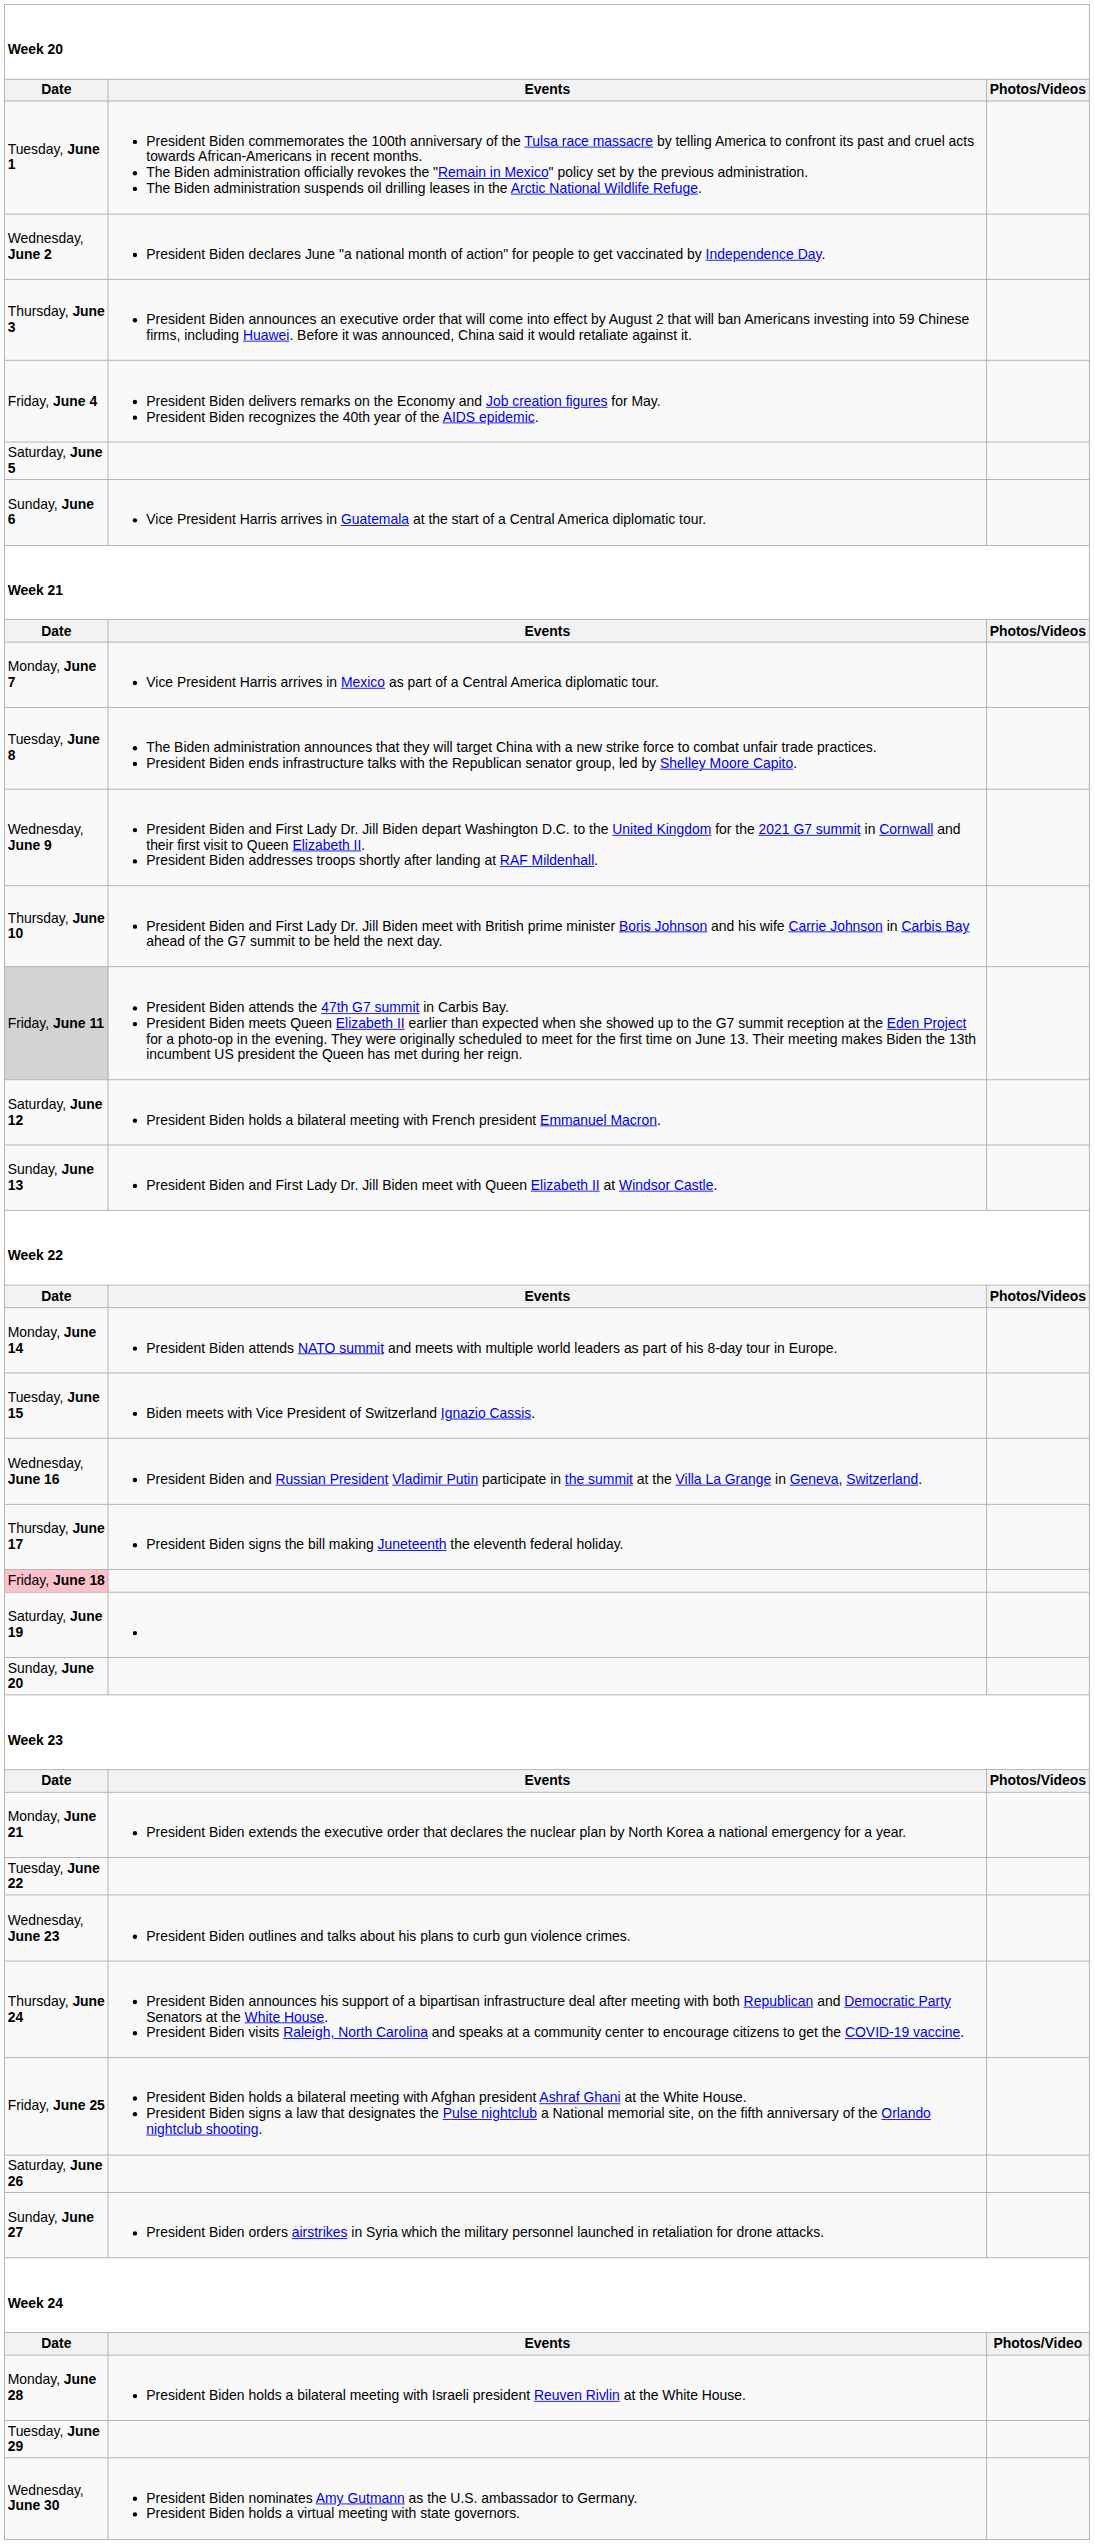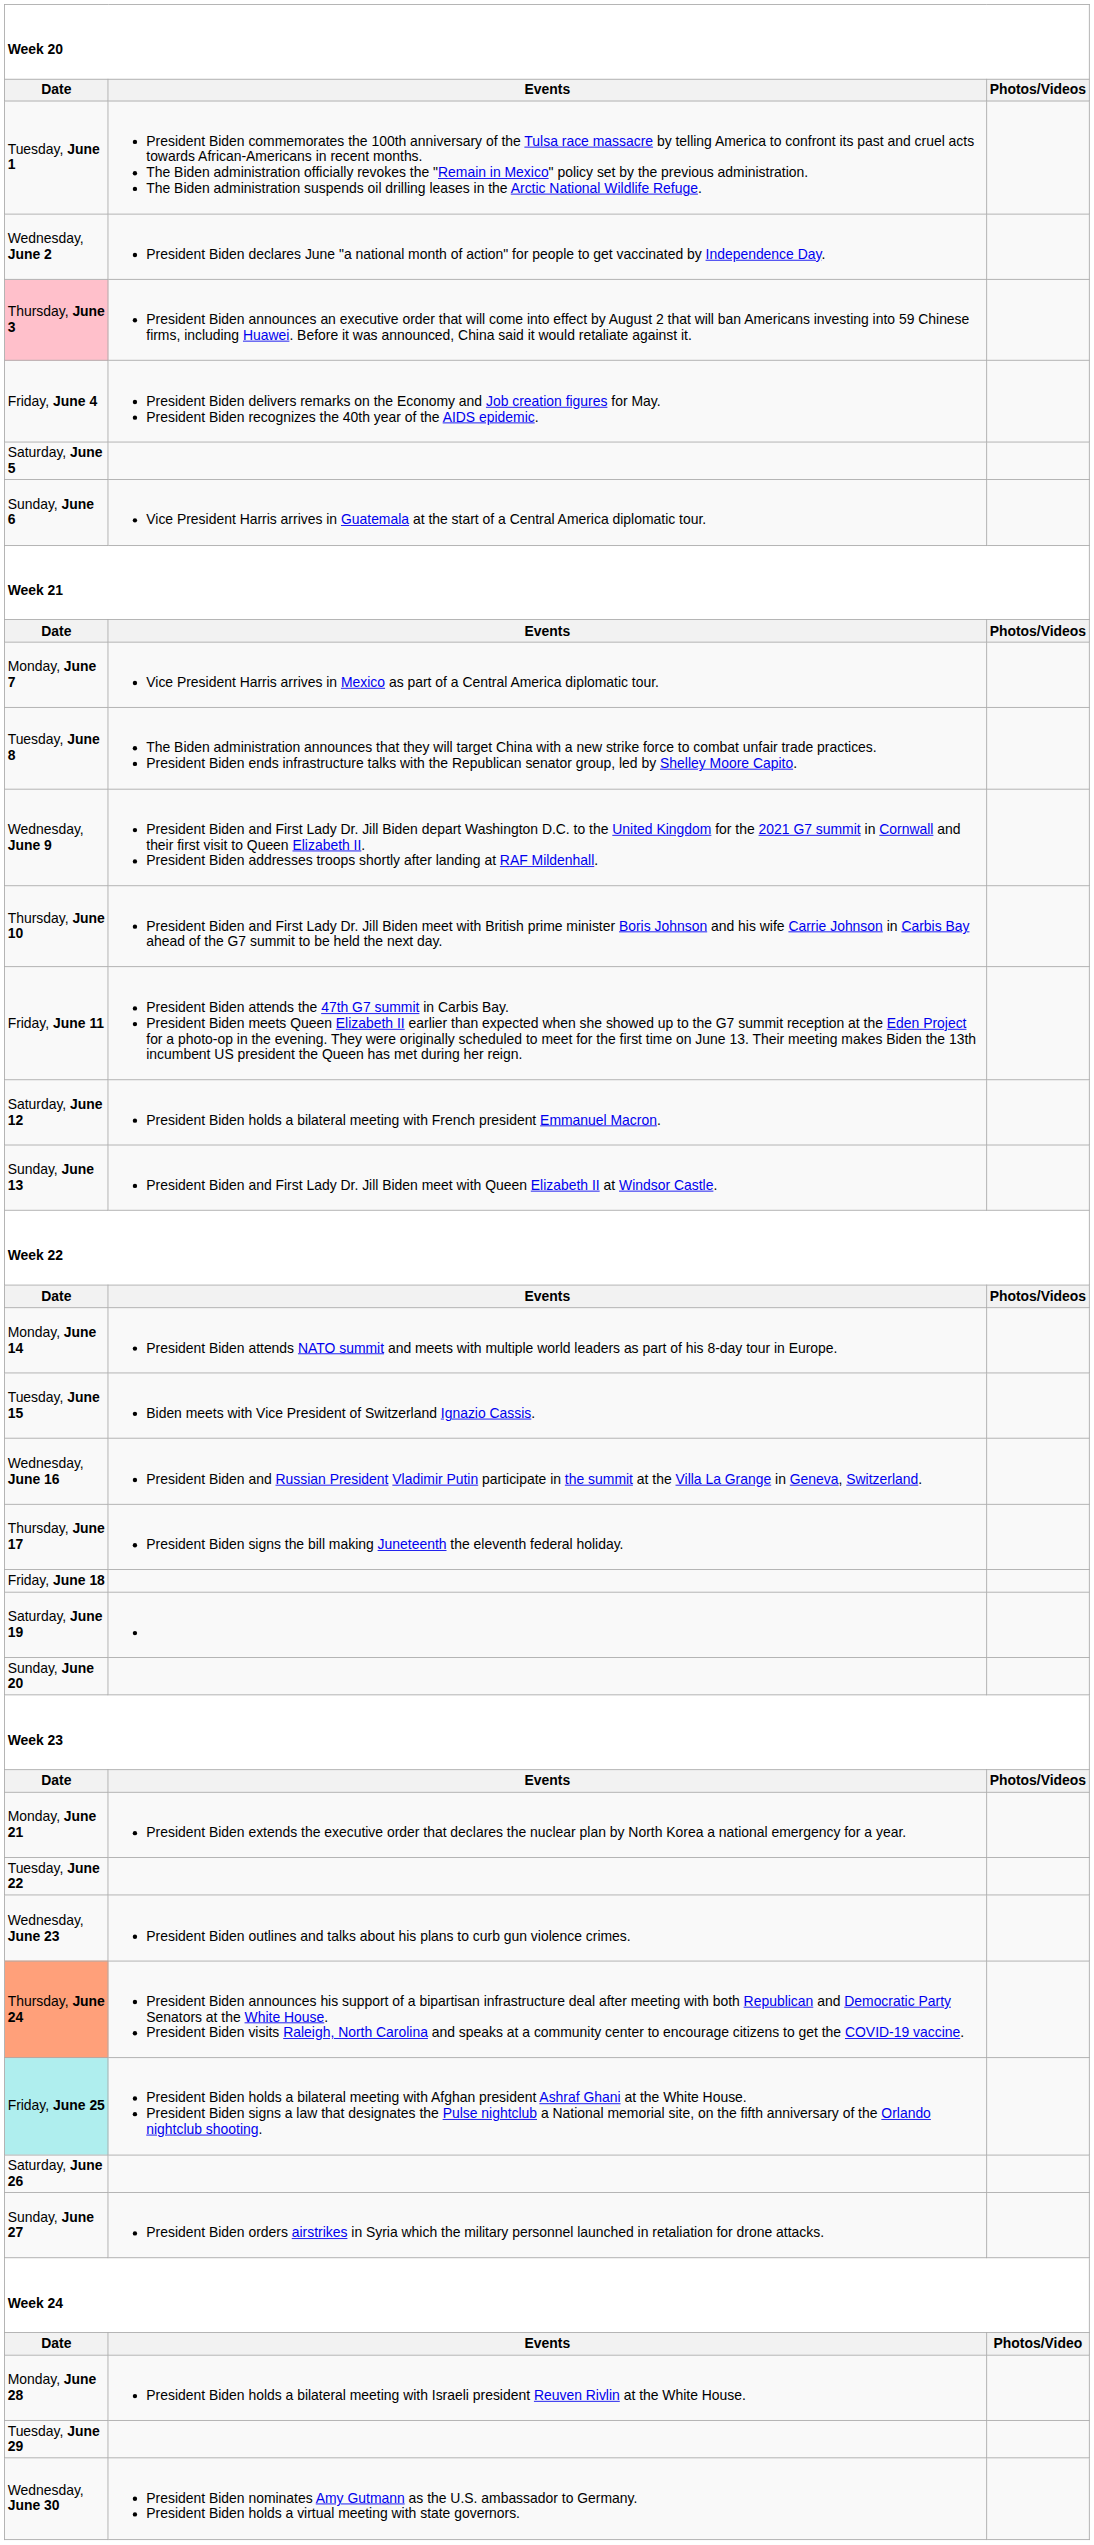 <table class="wikitable">
 <tr style="background:white;">
 <td colspan="3"><br><h4>Week 20</h4></td>
 </tr>
 <tr>
 <th>Date</th>
 <th>Events</th>
 <th>Photos/Videos</th>
 </tr>
 <tr>
 <td>Tuesday, <strong>June 1</strong></td>
 <td><br><ul><li>President Biden commemorates the 100th anniversary of the <a href='#'>Tulsa race massacre</a> by telling America to confront its past and cruel acts towards African-Americans in recent months.</li><li>The Biden administration officially revokes the "<a href='#'>Remain in Mexico</a>" policy set by the previous administration.</li><li>The Biden administration suspends oil drilling leases in the <a href='#'>Arctic National Wildlife Refuge</a>.</li></ul></td>
 <td></td>
 </tr>
 <tr>
 <td>Wednesday, <strong>June 2</strong></td>
 <td><br><ul><li>President Biden declares June "a national month of action" for people to get vaccinated by <a href='#'>Independence Day</a>.</li></ul></td>
 <td></td>
 </tr>
 <tr>
-<td>Thursday, <strong>June 3</strong></td>
+<td style="background: pink;">Thursday, <strong>June 3</strong></td>
 <td><br><ul><li>President Biden announces an executive order that will come into effect by August 2 that will ban Americans investing into 59 Chinese firms, including <a href='#'>Huawei</a>. Before it was announced, China said it would retaliate against it.</li></ul></td>
 <td></td>
 </tr>
 <tr>
 <td>Friday, <strong>June 4</strong></td>
 <td><br><ul><li>President Biden delivers remarks on the Economy and <a href='#'>Job creation figures</a> for May.</li><li>President Biden recognizes the 40th year of the <a href='#'>AIDS epidemic</a>.</li></ul></td>
 <td></td>
 </tr>
 <tr>
 <td>Saturday, <strong>June 5</strong></td>
 <td></td>
 <td></td>
 </tr>
 <tr>
 <td>Sunday, <strong>June 6</strong></td>
 <td><br><ul><li>Vice President Harris arrives in <a href='#'>Guatemala</a> at the start of a Central America diplomatic tour.</li></ul></td>
 <td></td>
 </tr>
 <tr style="background:white;">
 <td colspan=3><br><h4>Week 21</h4></td>
 </tr>
 <tr>
 <th>Date</th>
 <th>Events</th>
 <th>Photos/Videos</th>
 </tr>
 <tr>
 <td>Monday, <strong>June 7</strong></td>
 <td><br><ul><li>Vice President Harris arrives in <a href='#'>Mexico</a> as part of a Central America diplomatic tour.</li></ul></td>
 <td></td>
 </tr>
 <tr>
 <td>Tuesday, <strong>June 8</strong></td>
 <td><br><ul><li>The Biden administration announces that they will target China with a new strike force to combat unfair trade practices.</li><li>President Biden ends infrastructure talks with the Republican senator group, led by <a href='#'>Shelley Moore Capito</a>.</li></ul></td>
 <td></td>
 </tr>
 <tr>
 <td>Wednesday, <strong>June 9</strong></td>
 <td><br><ul><li>President Biden and First Lady Dr. Jill Biden depart Washington D.C. to the <a href='#'>United Kingdom</a> for the <a href='#'>2021 G7 summit</a> in <a href='#'>Cornwall</a> and their first visit to Queen <a href='#'>Elizabeth II</a>.</li><li>President Biden addresses troops shortly after landing at <a href='#'>RAF Mildenhall</a>.</li></ul></td>
 <td></td>
 </tr>
 <tr>
 <td>Thursday, <strong>June 10</strong></td>
 <td><br><ul><li>President Biden and First Lady Dr. Jill Biden meet with British prime minister <a href='#'>Boris Johnson</a> and his wife <a href='#'>Carrie Johnson</a> in <a href='#'>Carbis Bay</a> ahead of the G7 summit to be held the next day.</li></ul></td>
 <td></td>
 </tr>
 <tr>
-<td style="background: lightgrey;">Friday, <strong>June 11</strong></td>
+<td>Friday, <strong>June 11</strong></td>
 <td><br><ul><li>President Biden attends the <a href='#'>47th G7 summit</a> in Carbis Bay.</li><li>President Biden meets Queen <a href='#'>Elizabeth II</a> earlier than expected when she showed up to the G7 summit reception at the <a href='#'>Eden Project</a> for a photo-op in the evening. They were originally scheduled to meet for the first time on June 13. Their meeting makes Biden the 13th incumbent US president the Queen has met during her reign.</li></ul></td>
 <td><br></td>
 </tr>
 <tr>
 <td>Saturday, <strong>June 12</strong></td>
 <td><br><ul><li>President Biden holds a bilateral meeting with French president <a href='#'>Emmanuel Macron</a>.</li></ul></td>
 <td></td>
 </tr>
 <tr>
 <td>Sunday, <strong>June 13</strong></td>
 <td><br><ul><li>President Biden and First Lady Dr. Jill Biden meet with Queen <a href='#'>Elizabeth II</a> at <a href='#'>Windsor Castle</a>.</li></ul></td>
 <td></td>
 </tr>
 <tr style="background:white;">
 <td colspan=3><br><h4>Week 22</h4></td>
 </tr>
 <tr>
 <th>Date</th>
 <th>Events</th>
 <th>Photos/Videos</th>
 </tr>
 <tr>
 <td>Monday, <strong>June 14</strong></td>
 <td><br><ul><li>President Biden attends <a href='#'>NATO summit</a> and meets with multiple world leaders as part of his 8-day tour in Europe.</li></ul></td>
 <td></td>
 </tr>
 <tr>
 <td>Tuesday, <strong>June 15</strong></td>
 <td><br><ul><li>Biden meets with Vice President of Switzerland <a href='#'>Ignazio Cassis</a>.</li></ul></td>
 <td></td>
 </tr>
 <tr>
 <td>Wednesday, <strong>June 16</strong></td>
 <td><br><ul><li>President Biden and <a href='#'>Russian President</a> <a href='#'>Vladimir Putin</a> participate in <a href='#'>the summit</a> at the <a href='#'>Villa La Grange</a> in <a href='#'>Geneva</a>, <a href='#'>Switzerland</a>.</li></ul></td>
 <td></td>
 </tr>
 <tr>
 <td>Thursday, <strong>June 17</strong></td>
 <td><br><ul><li>President Biden signs the bill making <a href='#'>Juneteenth</a> the eleventh federal holiday.</li></ul></td>
 <td></td>
 </tr>
 <tr>
-<td style="background: pink;">Friday, <strong>June 18</strong></td>
+<td>Friday, <strong>June 18</strong></td>
 <td></td>
 <td></td>
 </tr>
 <tr>
 <td>Saturday, <strong>June 19</strong></td>
 <td><br><ul><li></li></ul></td>
 <td></td>
 </tr>
 <tr>
 <td>Sunday, <strong>June 20</strong></td>
 <td></td>
 <td></td>
 </tr>
 <tr style="background:white;">
 <td colspan=3><br><h4>Week 23</h4></td>
 </tr>
 <tr>
 <th>Date</th>
 <th>Events</th>
 <th>Photos/Videos</th>
 </tr>
 <tr>
 <td>Monday, <strong>June 21</strong></td>
 <td><br><ul><li>President Biden extends the executive order that declares the nuclear plan by North Korea a national emergency for a year.</li></ul></td>
 <td></td>
 </tr>
 <tr>
 <td>Tuesday, <strong>June 22</strong></td>
 <td></td>
 <td></td>
 </tr>
 <tr>
 <td>Wednesday, <strong>June 23</strong></td>
 <td><br><ul><li>President Biden outlines and talks about his plans to curb gun violence crimes.</li></ul></td>
 <td></td>
 </tr>
 <tr>
-<td>Thursday, <strong>June 24</strong></td>
+<td style="background: lightsalmon;">Thursday, <strong>June 24</strong></td>
 <td><br><ul><li>President Biden announces his support of a bipartisan infrastructure deal after meeting with both <a href='#'>Republican</a> and <a href='#'>Democratic Party</a> Senators at the <a href='#'>White House</a>.</li><li>President Biden visits <a href='#'>Raleigh, North Carolina</a> and speaks at a community center to encourage citizens to get the <a href='#'>COVID-19 vaccine</a>.</li></ul></td>
 <td></td>
 </tr>
 <tr>
-<td>Friday, <strong>June 25</strong></td>
+<td style="background: paleturquoise;">Friday, <strong>June 25</strong></td>
 <td><br><ul><li>President Biden holds a bilateral meeting with Afghan president <a href='#'>Ashraf Ghani</a> at the White House.</li><li>President Biden signs a law that designates the <a href='#'>Pulse nightclub</a> a National memorial site, on the fifth anniversary of the <a href='#'>Orlando nightclub shooting</a>.</li></ul></td>
 <td><br> </td>
 </tr>
 <tr>
 <td>Saturday, <strong>June 26</strong></td>
 <td></td>
 <td></td>
 </tr>
 <tr>
 <td>Sunday, <strong>June 27</strong></td>
 <td><br><ul><li>President Biden orders <a href='#'>airstrikes</a> in Syria which the military personnel launched in retaliation for drone attacks.</li></ul></td>
 <td></td>
 </tr>
 <tr style="background:white;">
 <td colspan=3><br><h4>Week 24</h4></td>
 </tr>
 <tr>
 <th>Date</th>
 <th>Events</th>
 <th>Photos/Video</th>
 </tr>
 <tr>
 <td>Monday, <strong>June 28</strong></td>
 <td><br><ul><li>President Biden holds a bilateral meeting with Israeli president <a href='#'>Reuven Rivlin</a> at the White House.</li></ul></td>
 <td></td>
 </tr>
 <tr>
 <td>Tuesday, <strong>June 29</strong></td>
 <td></td>
 <td></td>
 </tr>
 <tr>
 <td>Wednesday, <strong>June 30</strong></td>
 <td><br><ul><li>President Biden nominates <a href='#'>Amy Gutmann</a> as the U.S. ambassador to Germany.</li><li>President Biden holds a virtual meeting with state governors.</li></ul></td>
 <td></td>
 </tr>
 </table>
